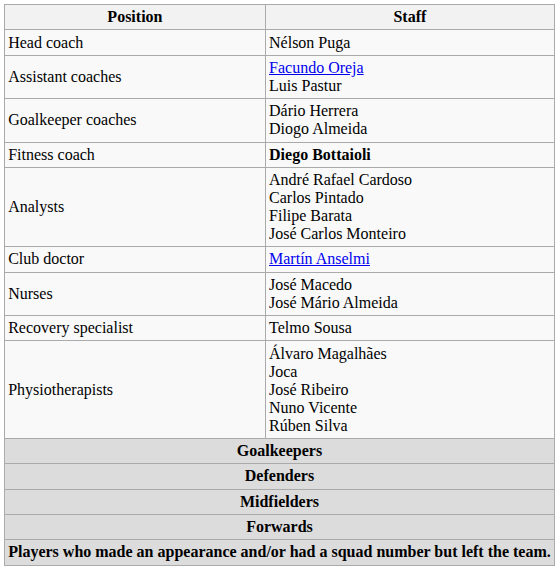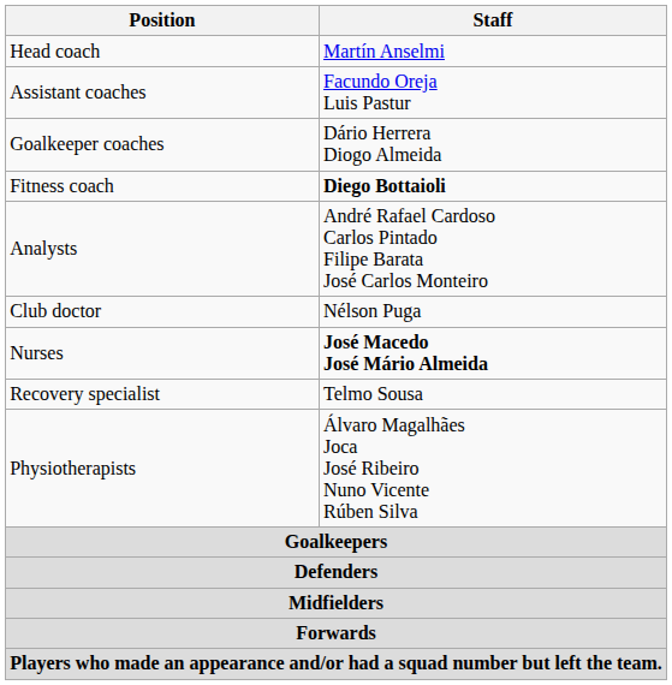 <table class=wikitable>
 <tr>
 <th>Position</th>
 <th>Staff</th>
 </tr>
 <tr>
 <td>Head coach</td>
-<td> Nélson Puga</td>
+<td> <a href='#'>Martín Anselmi</a></td>
 </tr>
 <tr>
 <td>Assistant coaches</td>
 <td> <a href='#'>Facundo Oreja</a><br> Luis Pastur</td>
 </tr>
 <tr>
 <td>Goalkeeper coaches</td>
 <td> Dário Herrera<br> Diogo Almeida</td>
 </tr>
 <tr>
 <td>Fitness coach</td>
 <td><strong> Diego Bottaioli</strong></td>
 </tr>
 <tr>
 <td>Analysts</td>
 <td> André Rafael Cardoso<br> Carlos Pintado<br> Filipe Barata<br> José Carlos Monteiro</td>
 </tr>
 <tr>
 <td>Club doctor</td>
-<td> <a href='#'>Martín Anselmi</a></td>
+<td> Nélson Puga</td>
 </tr>
 <tr>
 <td>Nurses</td>
-<td> José Macedo<br> José Mário Almeida</td>
+<td><strong> José Macedo<br> José Mário Almeida</strong></td>
 </tr>
 <tr>
 <td>Recovery specialist</td>
 <td> Telmo Sousa</td>
 </tr>
 <tr>
 <td>Physiotherapists</td>
 <td> Álvaro Magalhães<br> Joca<br> José Ribeiro<br> Nuno Vicente<br> Rúben Silva</td>
 </tr>
 <tr>
 </tr>
 <tr>
 <th colspan=18 style=background:#dcdcdc; text-align:center>Goalkeepers<br>    </th>
 </tr>
 <tr>
 <th colspan=18 style=background:#dcdcdc; text-align:center>Defenders<br>          </th>
 </tr>
 <tr>
 <th colspan=18 style=background:#dcdcdc; text-align:center>Midfielders<br>                                         </th>
 </tr>
 <tr>
 <th colspan=18 style=background:#dcdcdc; text-align:center>Forwards<br>     </th>
 </tr>
 <tr>
 <th colspan=18 style=background:#dcdcdc; text-align:center>Players who made an appearance and/or had a squad number but left the team.<br>            </th>
 </tr>
 </table>
